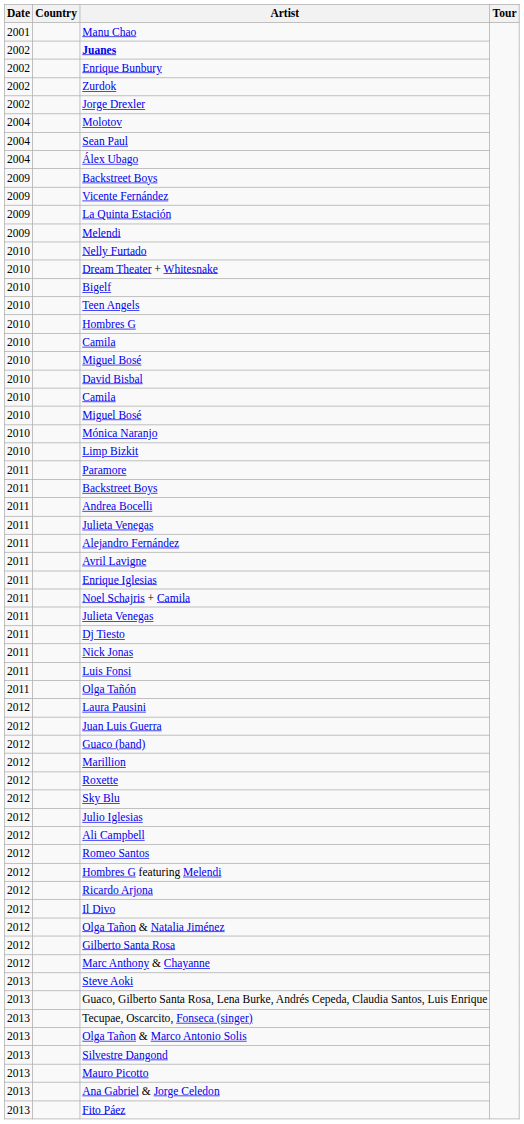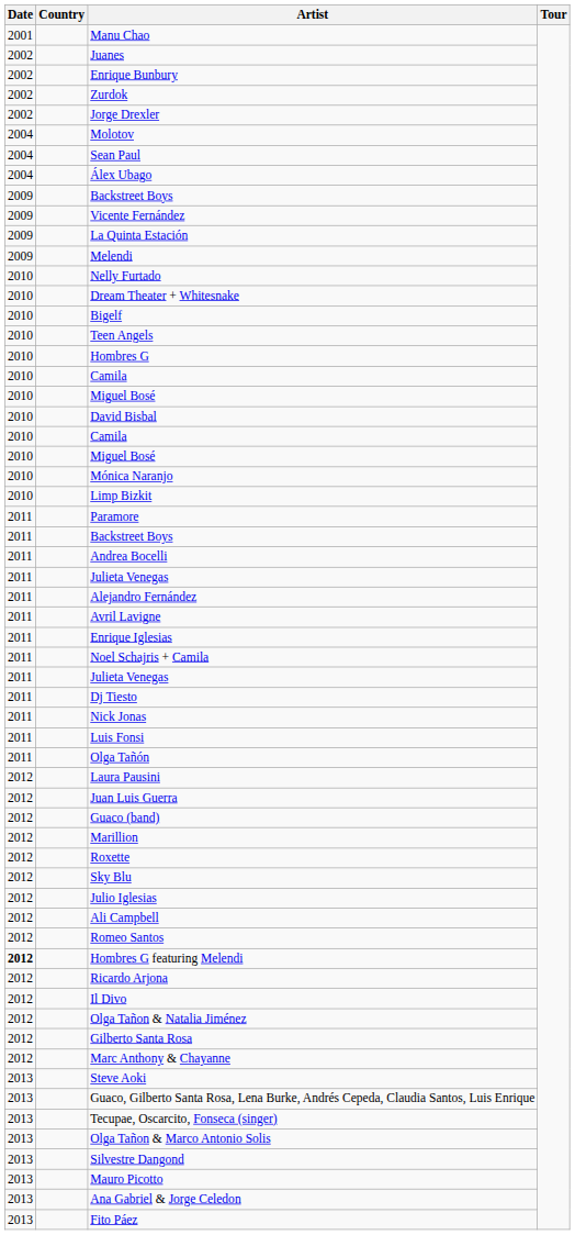 <table class="wikitable">
 <tr>
 <th>Date</th>
 <th>Country</th>
 <th>Artist</th>
 <th>Tour</th>
 </tr>
 <tr>
 <td>2001</td>
 <td></td>
 <td><a href='#'>Manu Chao</a></td>
 </tr>
 <tr>
 <td>2002</td>
 <td></td>
-<td><strong><a href='#'>Juanes</a></strong></td>
+<td><a href='#'>Juanes</a></td>
 </tr>
 <tr>
 <td>2002</td>
 <td></td>
 <td><a href='#'>Enrique Bunbury</a></td>
 </tr>
 <tr>
 <td>2002</td>
 <td></td>
 <td><a href='#'>Zurdok</a></td>
 </tr>
 <tr>
 <td>2002</td>
 <td></td>
 <td><a href='#'>Jorge Drexler</a></td>
 </tr>
 <tr>
 <td>2004</td>
 <td></td>
 <td><a href='#'>Molotov</a></td>
 </tr>
 <tr>
 <td>2004</td>
 <td></td>
 <td><a href='#'>Sean Paul</a></td>
 </tr>
 <tr>
 <td>2004</td>
 <td></td>
 <td><a href='#'>Álex Ubago</a></td>
 </tr>
 <tr>
 <td>2009</td>
 <td></td>
 <td><a href='#'>Backstreet Boys</a></td>
 </tr>
 <tr>
 <td>2009</td>
 <td></td>
 <td><a href='#'>Vicente Fernández</a></td>
 </tr>
 <tr>
 <td>2009</td>
 <td></td>
 <td><a href='#'>La Quinta Estación</a></td>
 </tr>
 <tr>
 <td>2009</td>
 <td></td>
 <td><a href='#'>Melendi</a></td>
 </tr>
 <tr>
 <td>2010</td>
 <td></td>
 <td><a href='#'>Nelly Furtado</a></td>
 </tr>
 <tr>
 <td>2010</td>
 <td> </td>
 <td><a href='#'>Dream Theater</a> + <a href='#'>Whitesnake</a></td>
 </tr>
 <tr>
 <td>2010</td>
 <td></td>
 <td><a href='#'>Bigelf</a></td>
 </tr>
 <tr>
 <td>2010</td>
 <td></td>
 <td><a href='#'>Teen Angels</a></td>
 </tr>
 <tr>
 <td>2010</td>
 <td></td>
 <td><a href='#'>Hombres G</a></td>
 </tr>
 <tr>
 <td>2010</td>
 <td></td>
 <td><a href='#'>Camila</a></td>
 </tr>
 <tr>
 <td>2010</td>
 <td></td>
 <td><a href='#'>Miguel Bosé</a></td>
 </tr>
 <tr>
 <td>2010</td>
 <td></td>
 <td><a href='#'>David Bisbal</a></td>
 </tr>
 <tr>
 <td>2010</td>
 <td></td>
 <td><a href='#'>Camila</a></td>
 </tr>
 <tr>
 <td>2010</td>
 <td></td>
 <td><a href='#'>Miguel Bosé</a></td>
 </tr>
 <tr>
 <td>2010</td>
 <td></td>
 <td><a href='#'>Mónica Naranjo</a></td>
 </tr>
 <tr>
 <td>2010</td>
 <td></td>
 <td><a href='#'>Limp Bizkit</a></td>
 </tr>
 <tr>
 <td>2011</td>
 <td></td>
 <td><a href='#'>Paramore</a></td>
 </tr>
 <tr>
 <td>2011</td>
 <td></td>
 <td><a href='#'>Backstreet Boys</a></td>
 </tr>
 <tr>
 <td>2011</td>
 <td></td>
 <td><a href='#'>Andrea Bocelli</a></td>
 </tr>
 <tr>
 <td>2011</td>
 <td></td>
 <td><a href='#'>Julieta Venegas</a></td>
 </tr>
 <tr>
 <td>2011</td>
 <td></td>
 <td><a href='#'>Alejandro Fernández</a></td>
 </tr>
 <tr>
 <td>2011</td>
 <td></td>
 <td><a href='#'>Avril Lavigne</a></td>
 </tr>
 <tr>
 <td>2011</td>
 <td></td>
 <td><a href='#'>Enrique Iglesias</a></td>
 </tr>
 <tr>
 <td>2011</td>
 <td> </td>
 <td><a href='#'>Noel Schajris</a> + <a href='#'>Camila</a></td>
 </tr>
 <tr>
 <td>2011</td>
 <td></td>
 <td><a href='#'>Julieta Venegas</a></td>
 </tr>
 <tr>
 <td>2011</td>
 <td></td>
 <td><a href='#'>Dj Tiesto</a></td>
 </tr>
 <tr>
 <td>2011</td>
 <td></td>
 <td><a href='#'>Nick Jonas</a></td>
 </tr>
 <tr>
 <td>2011</td>
 <td></td>
 <td><a href='#'>Luis Fonsi</a></td>
 </tr>
 <tr>
 <td>2011</td>
 <td></td>
 <td><a href='#'>Olga Tañón</a></td>
 </tr>
 <tr>
 <td>2012</td>
 <td></td>
 <td><a href='#'>Laura Pausini</a></td>
 </tr>
 <tr>
 <td>2012</td>
 <td></td>
 <td><a href='#'>Juan Luis Guerra</a></td>
 </tr>
 <tr>
 <td>2012</td>
 <td></td>
 <td><a href='#'>Guaco (band)</a></td>
 </tr>
 <tr>
 <td>2012</td>
 <td></td>
 <td><a href='#'>Marillion</a></td>
 </tr>
 <tr>
 <td>2012</td>
 <td></td>
 <td><a href='#'>Roxette</a></td>
 </tr>
 <tr>
 <td>2012</td>
 <td></td>
 <td><a href='#'>Sky Blu</a></td>
 </tr>
 <tr>
 <td>2012</td>
 <td></td>
 <td><a href='#'>Julio Iglesias</a></td>
 </tr>
 <tr>
 <td>2012</td>
 <td></td>
 <td><a href='#'>Ali Campbell</a></td>
 </tr>
 <tr>
 <td>2012</td>
 <td></td>
 <td><a href='#'>Romeo Santos</a></td>
 </tr>
 <tr>
-<td>2012</td>
+<td><strong>2012</strong></td>
 <td></td>
 <td><a href='#'>Hombres G</a> featuring <a href='#'>Melendi</a></td>
 </tr>
 <tr>
 <td>2012</td>
 <td></td>
 <td><a href='#'>Ricardo Arjona</a></td>
 </tr>
 <tr>
 <td>2012</td>
 <td></td>
 <td><a href='#'>Il Divo</a></td>
 </tr>
 <tr>
 <td>2012</td>
 <td></td>
 <td><a href='#'>Olga Tañon</a> & <a href='#'>Natalia Jiménez</a></td>
 </tr>
 <tr>
 <td>2012</td>
 <td></td>
 <td><a href='#'>Gilberto Santa Rosa</a></td>
 </tr>
 <tr>
 <td>2012</td>
 <td></td>
 <td><a href='#'>Marc Anthony</a> & <a href='#'>Chayanne</a></td>
 </tr>
 <tr>
 <td>2013</td>
 <td></td>
 <td><a href='#'>Steve Aoki</a></td>
 </tr>
 <tr>
 <td>2013</td>
 <td></td>
 <td>Guaco, Gilberto Santa Rosa, Lena Burke, Andrés Cepeda, Claudia Santos, Luis Enrique</td>
 </tr>
 <tr>
 <td>2013</td>
 <td></td>
 <td>Tecupae, Oscarcito, <a href='#'>Fonseca (singer)</a></td>
 </tr>
 <tr>
 <td>2013</td>
 <td></td>
 <td><a href='#'>Olga Tañon</a> & <a href='#'>Marco Antonio Solis</a></td>
 </tr>
 <tr>
 <td>2013</td>
 <td></td>
 <td><a href='#'>Silvestre Dangond</a></td>
 </tr>
 <tr>
 <td>2013</td>
 <td></td>
 <td><a href='#'>Mauro Picotto</a></td>
 </tr>
 <tr>
 <td>2013</td>
 <td> </td>
 <td><a href='#'>Ana Gabriel</a> & <a href='#'>Jorge Celedon</a></td>
 </tr>
 <tr>
 <td>2013</td>
 <td></td>
 <td><a href='#'>Fito Páez</a></td>
 </tr>
 </table>
